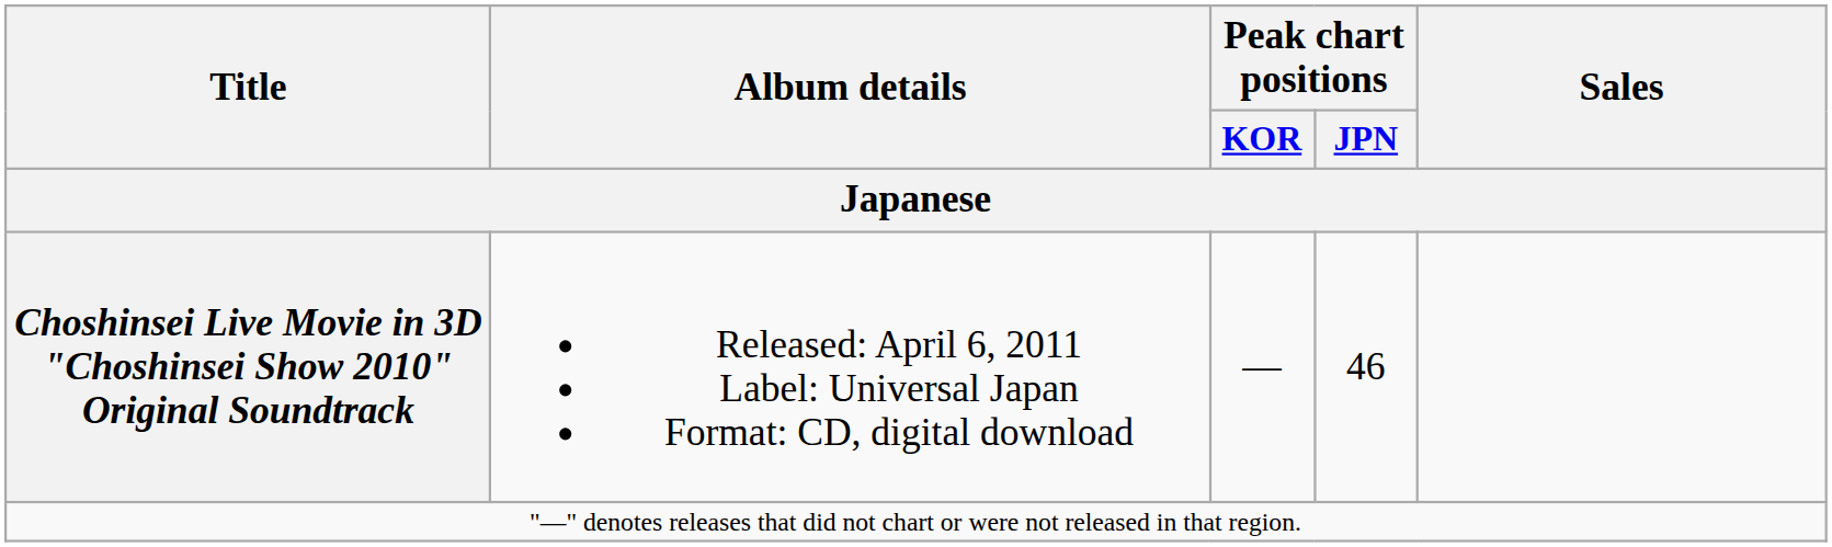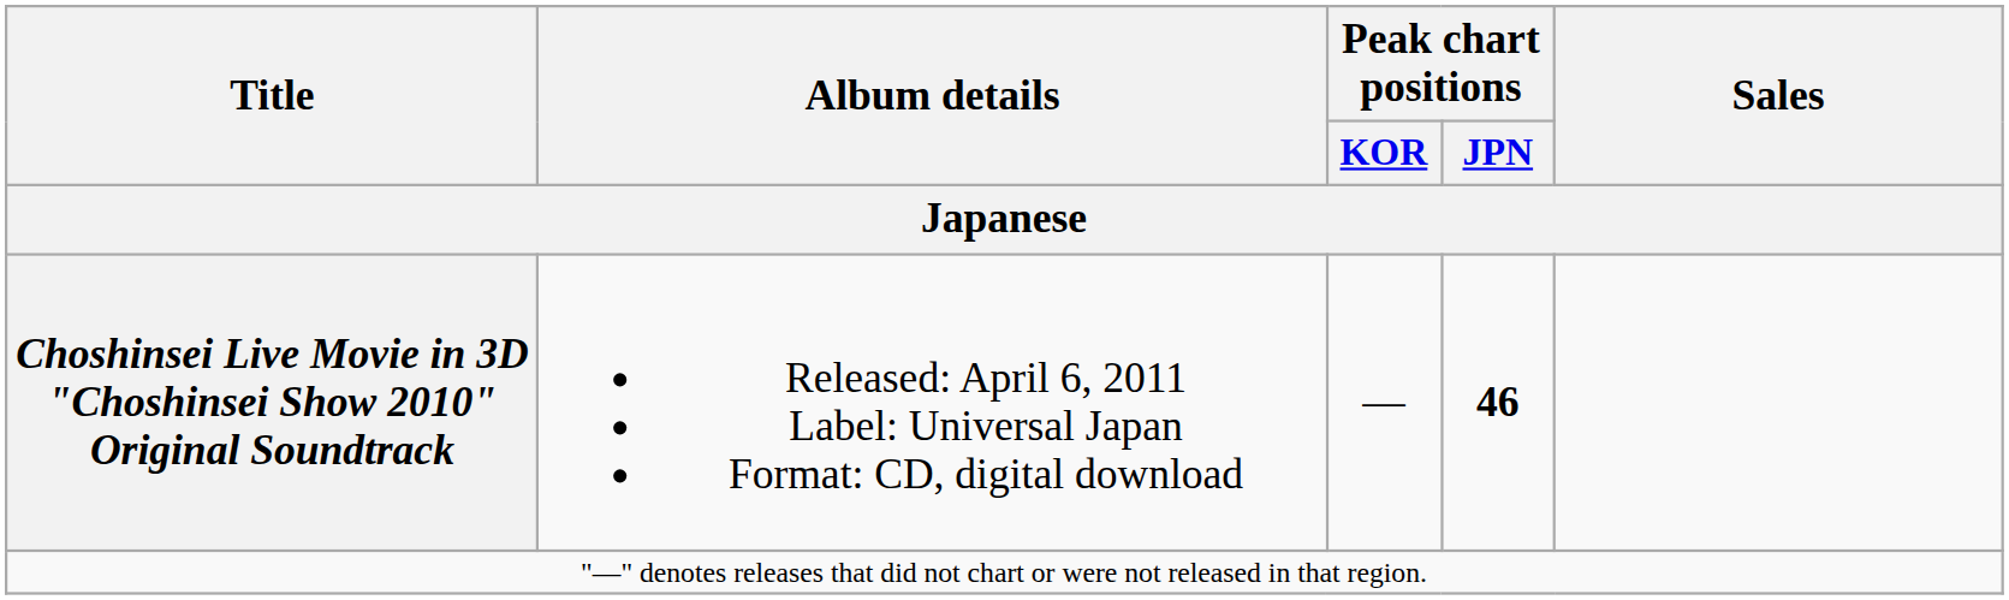 <table class="wikitable plainrowheaders" style="text-align:center;">
 <tr>
 <th scope="col" rowspan="2" style="width:12em;">Title</th>
 <th scope="col" rowspan="2" style="width:18em;">Album details</th>
 <th scope="col" colspan="2">Peak chart positions</th>
 <th scope="col" rowspan="2" style="width:10em;">Sales</th>
 </tr>
 <tr>
 <th scope="col" style="width:2.5em;font-size:90%;"><a href='#'>KOR</a><br></th>
 <th scope="col" style="width:2.5em;font-size:90%;"><a href='#'>JPN</a><br></th>
 </tr>
 <tr>
 <th colspan="6">Japanese</th>
 </tr>
 <tr>
 <th scope="row"><em>Choshinsei Live Movie in 3D "Choshinsei Show 2010" Original Soundtrack</em></th>
 <td><br><ul><li>Released: April 6, 2011</li><li>Label: Universal Japan</li><li>Format: CD, digital download</li></ul></td>
 <td>—</td>
-<td>46</td>
+<td><strong>46</strong></td>
 <td></td>
 </tr>
 <tr>
 <td colspan="6" style="font-size:8pt;">"—" denotes releases that did not chart or were not released in that region.</td>
 </tr>
 </table>
